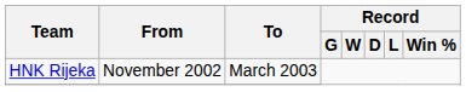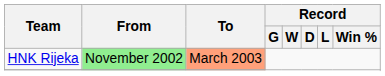 <table class="wikitable sortable">
 <tr>
 <th rowspan="2">Team</th>
 <th rowspan="2">From</th>
 <th rowspan="2">To</th>
 <th colspan="5">Record</th>
 </tr>
 <tr>
 <th>G</th>
 <th>W</th>
 <th>D</th>
 <th>L</th>
 <th>Win %</th>
 </tr>
 <tr>
 <td><a href='#'>HNK Rijeka</a></td>
-<td>November 2002</td>
-<td>March 2003<br></td>
+<td style="background: lightgreen;">November 2002</td>
+<td style="background: lightsalmon;">March 2003<br></td>
 </tr>
 <tr>
 </tr>
 </table>
